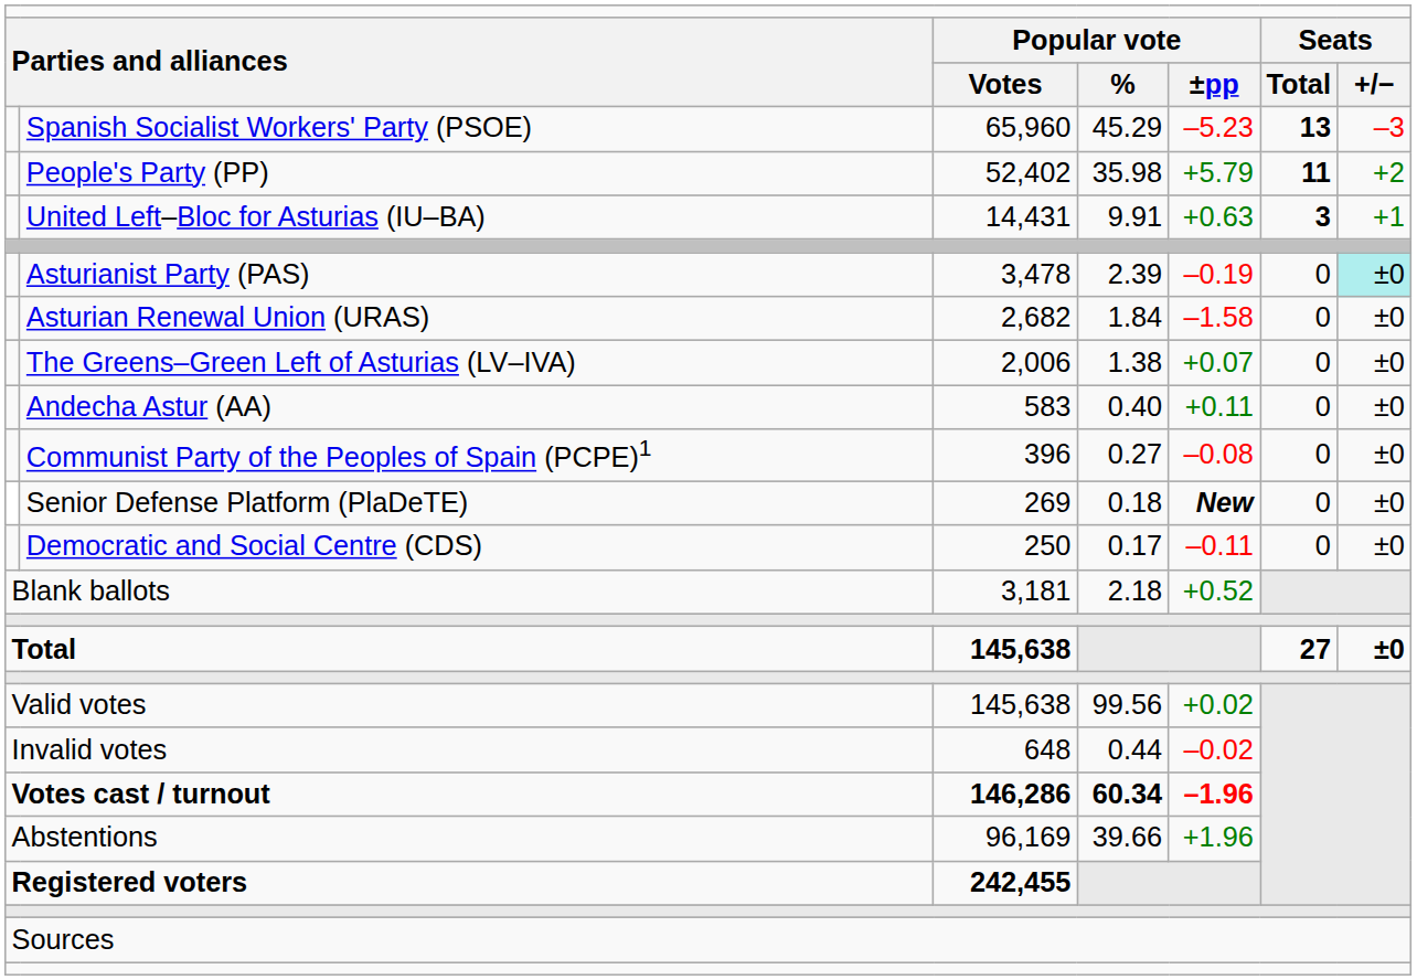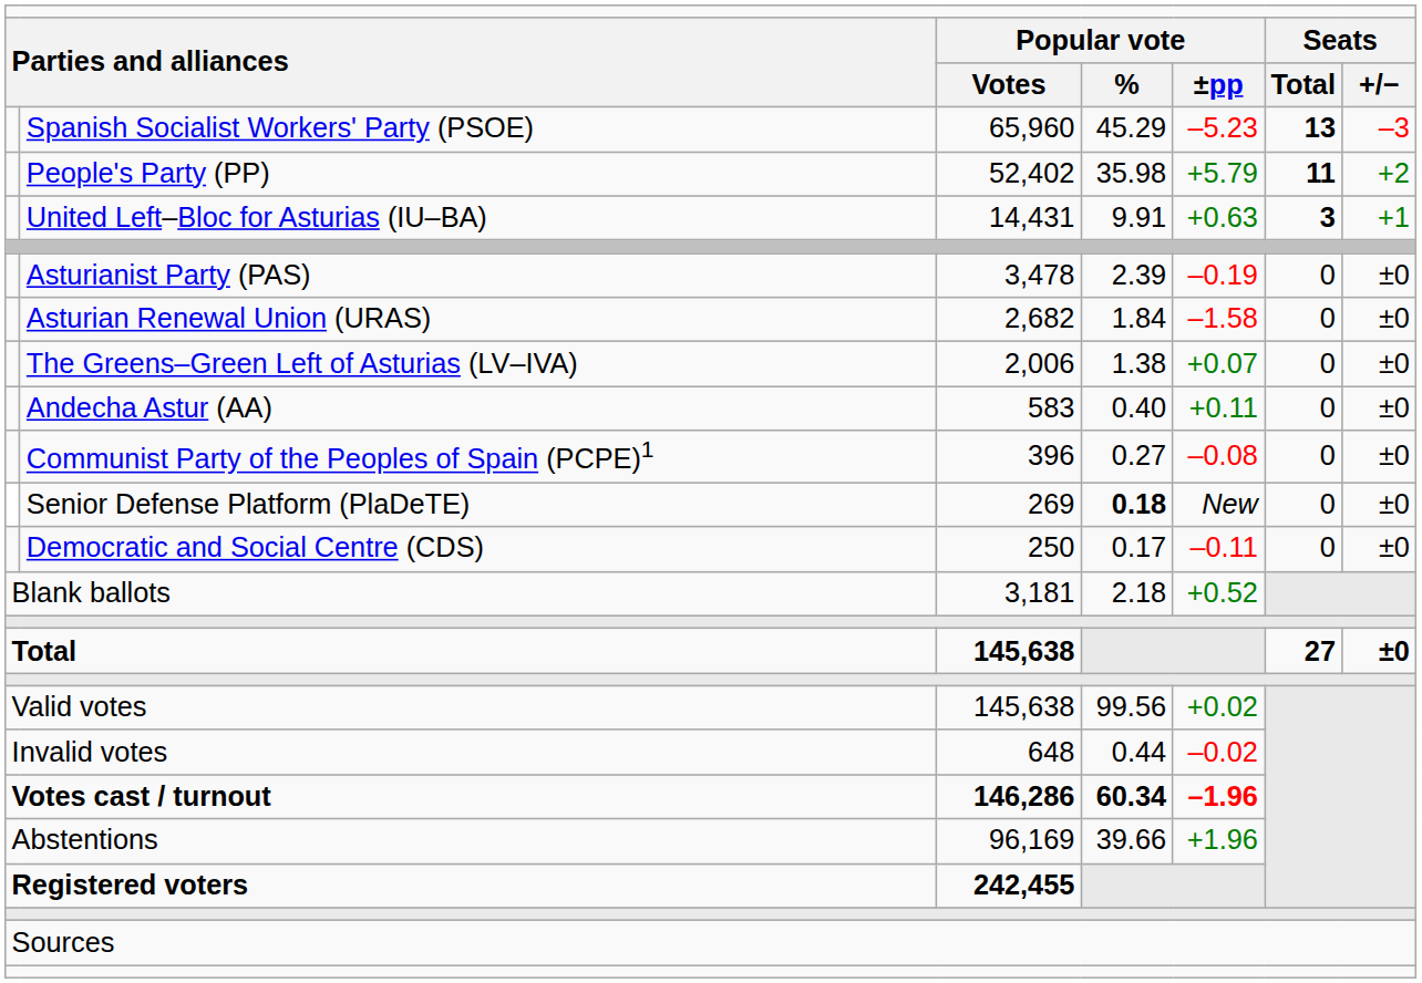 <table class="wikitable" style="text-align:right;">
 <tr>
 <td colspan="7"></td>
 </tr>
 <tr>
 <th style="text-align:left;" rowspan="2" colspan="2" width="525">Parties and alliances</th>
 <th colspan="3">Popular vote</th>
 <th colspan="2">Seats</th>
 </tr>
 <tr>
 <th width="75">Votes</th>
 <th width="45">%</th>
 <th width="45">±<a href='#'>pp</a></th>
 <th width="35">Total</th>
 <th width="35">+/−</th>
 </tr>
 <tr>
 <td width="1" style="color:inherit;background:"></td>
 <td align="left"><a href='#'>Spanish Socialist Workers' Party</a> (PSOE)</td>
 <td>65,960</td>
 <td>45.29</td>
 <td style="color:red;">–5.23</td>
 <td><strong>13</strong></td>
 <td style="color:red;">–3</td>
 </tr>
 <tr>
 <td style="color:inherit;background:"></td>
 <td align="left"><a href='#'>People's Party</a> (PP)</td>
 <td>52,402</td>
 <td>35.98</td>
 <td style="color:green;">+5.79</td>
 <td><strong>11</strong></td>
 <td style="color:green;">+2</td>
 </tr>
 <tr>
 <td style="color:inherit;background:"></td>
 <td align="left"><a href='#'>United Left</a>–<a href='#'>Bloc for Asturias</a> (IU–BA)</td>
 <td>14,431</td>
 <td>9.91</td>
 <td style="color:green;">+0.63</td>
 <td><strong>3</strong></td>
 <td style="color:green;">+1</td>
 </tr>
 <tr>
 <td colspan="7" bgcolor="#C0C0C0"></td>
 </tr>
 <tr>
 <td style="color:inherit;background:"></td>
 <td align="left"><a href='#'>Asturianist Party</a> (PAS)</td>
 <td>3,478</td>
 <td>2.39</td>
 <td style="color:red;">–0.19</td>
 <td>0</td>
-<td style="background: paleturquoise;">±0</td>
+<td>±0</td>
 </tr>
 <tr>
 <td style="color:inherit;background:"></td>
 <td align="left"><a href='#'>Asturian Renewal Union</a> (URAS)</td>
 <td>2,682</td>
 <td>1.84</td>
 <td style="color:red;">–1.58</td>
 <td>0</td>
 <td>±0</td>
 </tr>
 <tr>
 <td style="color:inherit;background:"></td>
 <td align="left"><a href='#'>The Greens–Green Left of Asturias</a> (LV–IVA)</td>
 <td>2,006</td>
 <td>1.38</td>
 <td style="color:green;">+0.07</td>
 <td>0</td>
 <td>±0</td>
 </tr>
 <tr>
 <td style="color:inherit;background:"></td>
 <td align="left"><a href='#'>Andecha Astur</a> (AA)</td>
 <td>583</td>
 <td>0.40</td>
 <td style="color:green;">+0.11</td>
 <td>0</td>
 <td>±0</td>
 </tr>
 <tr>
 <td style="color:inherit;background:"></td>
 <td align="left"><a href='#'>Communist Party of the Peoples of Spain</a> (PCPE)<sup>1</sup></td>
 <td>396</td>
 <td>0.27</td>
 <td style="color:red;">–0.08</td>
 <td>0</td>
 <td>±0</td>
 </tr>
 <tr>
 <td bgcolor="white"></td>
 <td align="left">Senior Defense Platform (PlaDeTE)</td>
 <td>269</td>
-<td>0.18</td>
-<td><strong><em>New</em></strong></td>
+<td><strong>0.18</strong></td>
+<td><em>New</em></td>
 <td>0</td>
 <td>±0</td>
 </tr>
 <tr>
 <td style="color:inherit;background:"></td>
 <td align="left"><a href='#'>Democratic and Social Centre</a> (CDS)</td>
 <td>250</td>
 <td>0.17</td>
 <td style="color:red;">–0.11</td>
 <td>0</td>
 <td>±0</td>
 </tr>
 <tr>
 <td align="left" colspan="2">Blank ballots</td>
 <td>3,181</td>
 <td>2.18</td>
 <td style="color:green;">+0.52</td>
 <td bgcolor="#E9E9E9" colspan="2"></td>
 </tr>
 <tr>
 <td colspan="7" bgcolor="#E9E9E9"></td>
 </tr>
 <tr style="font-weight:bold;">
 <td align="left" colspan="2">Total</td>
 <td>145,638</td>
 <td bgcolor="#E9E9E9" colspan="2"></td>
 <td>27</td>
 <td>±0</td>
 </tr>
 <tr>
 <td colspan="7" bgcolor="#E9E9E9"></td>
 </tr>
 <tr>
 <td align="left" colspan="2">Valid votes</td>
 <td>145,638</td>
 <td>99.56</td>
 <td style="color:green;">+0.02</td>
 <td bgcolor="#E9E9E9" colspan="2" rowspan="5"></td>
 </tr>
 <tr>
 <td align="left" colspan="2">Invalid votes</td>
 <td>648</td>
 <td>0.44</td>
 <td style="color:red;">–0.02</td>
 </tr>
 <tr style="font-weight:bold;">
 <td align="left" colspan="2">Votes cast / turnout</td>
 <td>146,286</td>
 <td>60.34</td>
 <td style="color:red;">–1.96</td>
 </tr>
 <tr>
 <td align="left" colspan="2">Abstentions</td>
 <td>96,169</td>
 <td>39.66</td>
 <td style="color:green;">+1.96</td>
 </tr>
 <tr style="font-weight:bold;">
 <td align="left" colspan="2">Registered voters</td>
 <td>242,455</td>
 <td bgcolor="#E9E9E9" colspan="2"></td>
 </tr>
 <tr>
 <td colspan="7" bgcolor="#E9E9E9"></td>
 </tr>
 <tr>
 <td align="left" colspan="7">Sources</td>
 </tr>
 <tr>
 <td colspan="7" style="text-align:left; max-width:790px;"></td>
 </tr>
 </table>
